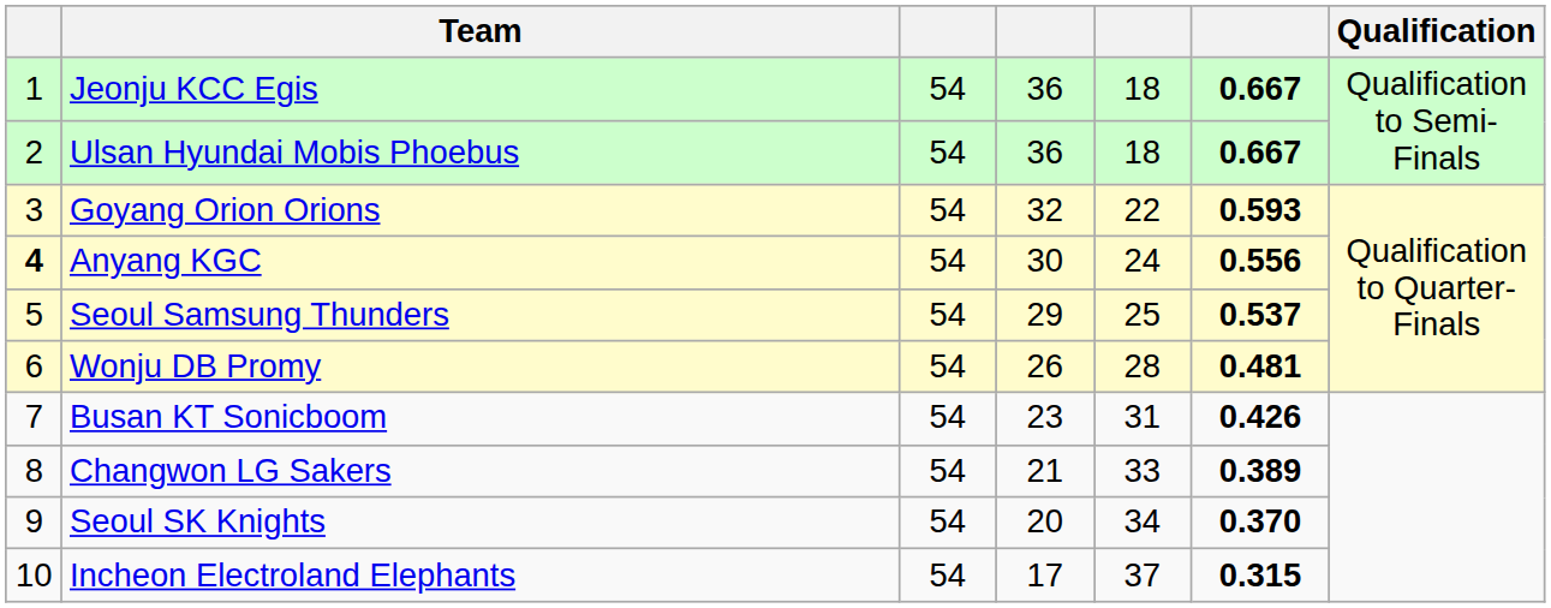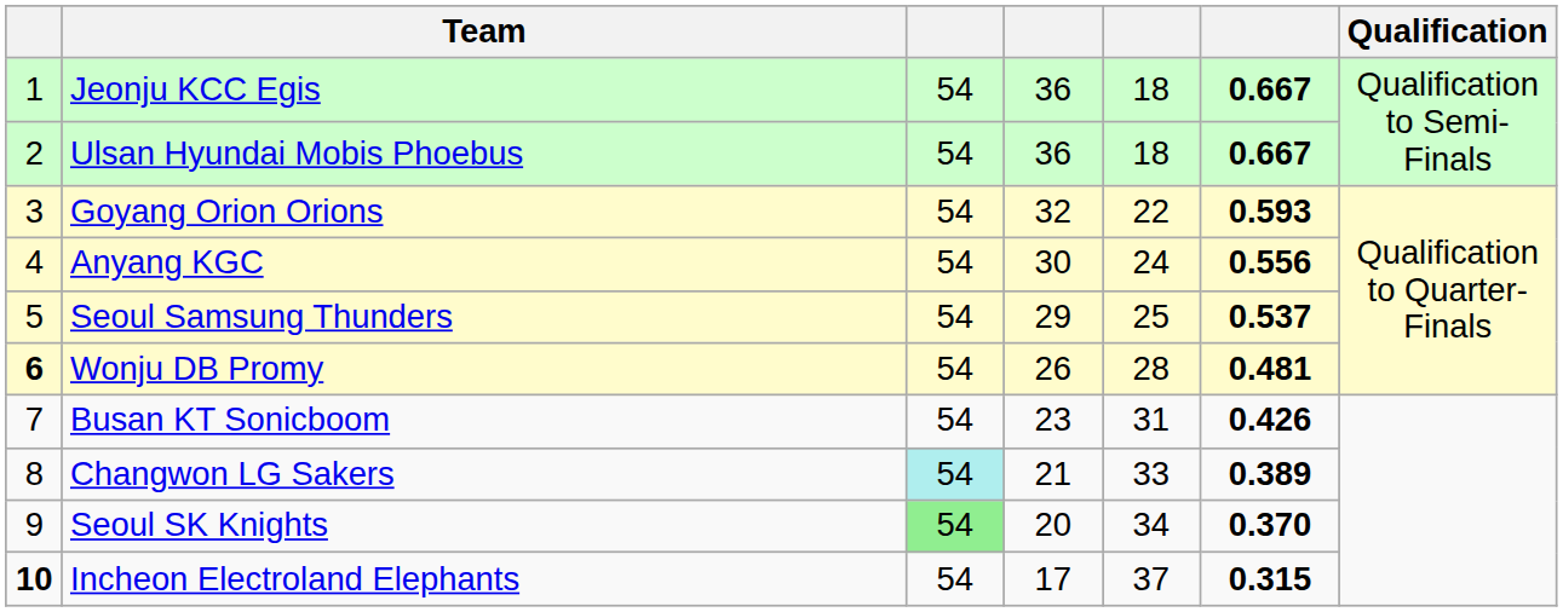 <table class="wikitable" style="text-align:center;">
 <tr>
 <th width=20></th>
 <th width=400>Team</th>
 <th width=40></th>
 <th width=40></th>
 <th width=40></th>
 <th width=60></th>
 <th width=80>Qualification</th>
 </tr>
 <tr bgcolor=#ccffcc>
 <td>1</td>
 <td align=left><a href='#'>Jeonju KCC Egis</a></td>
 <td>54</td>
 <td>36</td>
 <td>18</td>
 <td><strong>0.667</strong></td>
 <td rowspan="2">Qualification to Semi-Finals</td>
 </tr>
 <tr bgcolor=#ccffcc>
 <td>2</td>
 <td align=left><a href='#'>Ulsan Hyundai Mobis Phoebus</a></td>
 <td>54</td>
 <td>36</td>
 <td>18</td>
 <td><strong>0.667</strong></td>
 </tr>
 <tr bgcolor=#fffccc>
 <td>3</td>
 <td align=left><a href='#'>Goyang Orion Orions</a></td>
 <td>54</td>
 <td>32</td>
 <td>22</td>
 <td><strong>0.593</strong></td>
 <td rowspan="4">Qualification to Quarter-Finals</td>
 </tr>
 <tr bgcolor=#fffccc>
-<td><strong>4</strong></td>
+<td>4</td>
 <td align=left><a href='#'>Anyang KGC</a></td>
 <td>54</td>
 <td>30</td>
 <td>24</td>
 <td><strong>0.556</strong></td>
 </tr>
 <tr bgcolor=#fffccc>
 <td>5</td>
 <td align=left><a href='#'>Seoul Samsung Thunders</a></td>
 <td>54</td>
 <td>29</td>
 <td>25</td>
 <td><strong>0.537</strong></td>
 </tr>
 <tr bgcolor=#fffccc>
-<td>6</td>
+<td><strong>6</strong></td>
 <td align=left><a href='#'>Wonju DB Promy</a></td>
 <td>54</td>
 <td>26</td>
 <td>28</td>
 <td><strong>0.481</strong></td>
 </tr>
 <tr>
 <td>7</td>
 <td align=left><a href='#'>Busan KT Sonicboom</a></td>
 <td>54</td>
 <td>23</td>
 <td>31</td>
 <td><strong>0.426</strong></td>
 <td rowspan="4"></td>
 </tr>
 <tr>
 <td>8</td>
 <td align=left><a href='#'>Changwon LG Sakers</a></td>
-<td>54</td>
+<td style="background: paleturquoise;">54</td>
 <td>21</td>
 <td>33</td>
 <td><strong>0.389</strong></td>
 </tr>
 <tr>
 <td>9</td>
 <td align=left><a href='#'>Seoul SK Knights</a></td>
-<td>54</td>
+<td style="background: lightgreen;">54</td>
 <td>20</td>
 <td>34</td>
 <td><strong>0.370</strong></td>
 </tr>
 <tr>
-<td>10</td>
+<td><strong>10</strong></td>
 <td align=left><a href='#'>Incheon Electroland Elephants</a></td>
 <td>54</td>
 <td>17</td>
 <td>37</td>
 <td><strong>0.315</strong></td>
 </tr>
 </table>
